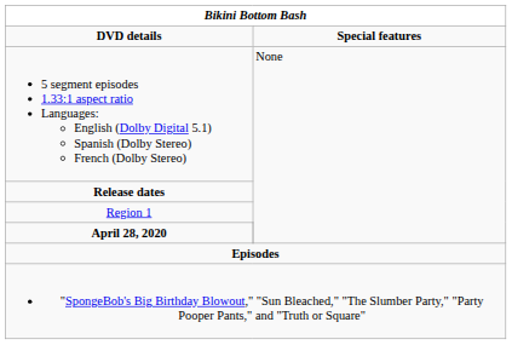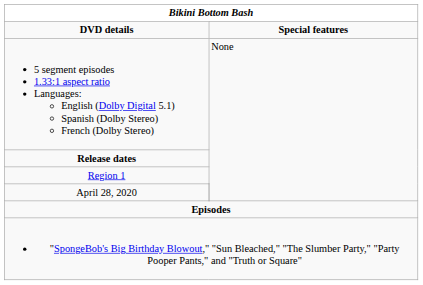 <table class="wikitable" style="font-size: 95%;">
 <tr style="background:#FFF; color:#000;">
 <td colspan="4" align="center"><strong><em>Bikini Bottom Bash</em></strong></td>
 </tr>
 <tr valign="top">
 <td style="text-align:center; width:400px;" colspan="3"><strong>DVD details</strong></td>
 <td style="width:300px; text-align:center;"><strong>Special features</strong></td>
 </tr>
 <tr valign="top">
 <td colspan="3" style="text-align:left; width:400px;"><br><ul><li>5 segment episodes</li><li><a href='#'>1.33:1 aspect ratio</a></li><li>Languages:<ul><li>English (<a href='#'>Dolby Digital</a> 5.1)</li><li>Spanish (Dolby Stereo)</li><li>French (Dolby Stereo)</li></ul></li></ul></td>
 <td rowspan="4" style="text-align:left; width:300px;">None</td>
 </tr>
 <tr>
 <td colspan="3" style="text-align:center;"><strong>Release dates</strong></td>
 </tr>
 <tr>
 <td colspan="3" style="text-align:center;"><a href='#'>Region 1</a></td>
 </tr>
 <tr style="text-align:center;">
-<td><strong>April 28, 2020</strong></td>
+<td>April 28, 2020</td>
 </tr>
 <tr>
 <td style="text-align:center; width:400px;" colspan="4"><strong>Episodes</strong></td>
 </tr>
 <tr>
 <td style="text-align:center; width:400px;" colspan="4"><br><ul><li>"<a href='#'>SpongeBob's Big Birthday Blowout</a>," "Sun Bleached," "The Slumber Party," "Party Pooper Pants," and "Truth or Square"</li></ul></td>
 </tr>
 </table>
